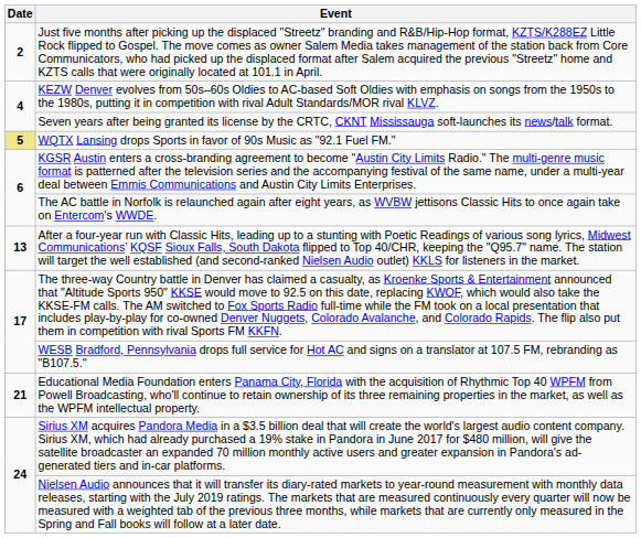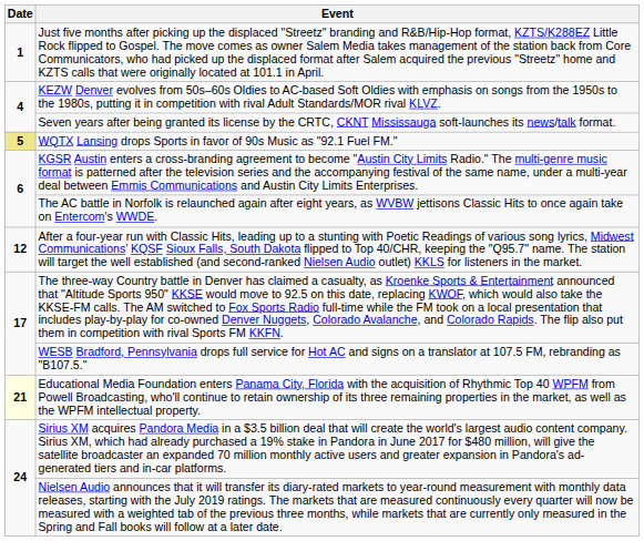 <table class="wikitable">
 <tr>
 <th>Date</th>
 <th>Event</th>
 </tr>
 <tr>
-<td style="text-align:center;"><strong>2</strong></td>
+<td style="text-align:center;"><strong>1</strong></td>
 <td>Just five months after picking up the displaced "Streetz" branding and R&B/Hip-Hop format, <a href='#'>KZTS/K288EZ</a> Little Rock flipped to Gospel. The move comes as owner Salem Media takes management of the station back from Core Communicators, who had picked up the displaced format after Salem acquired the previous "Streetz" home and KZTS calls that were originally located at 101.1 in April.</td>
 </tr>
 <tr>
 <td style="text-align:center;" rowspan=2><strong>4</strong></td>
 <td><a href='#'>KEZW</a> <a href='#'>Denver</a> evolves from 50s–60s Oldies to AC-based Soft Oldies with emphasis on songs from the 1950s to the 1980s, putting it in competition with rival Adult Standards/MOR rival <a href='#'>KLVZ</a>.</td>
 </tr>
 <tr>
 <td>Seven years after being granted its license by the CRTC, <a href='#'>CKNT</a> <a href='#'>Mississauga</a> soft-launches its <a href='#'>news</a>/<a href='#'>talk</a> format.</td>
 </tr>
 <tr>
 <td style="background: khaki; text-align:center;"><strong>5</strong></td>
 <td><a href='#'>WQTX</a> <a href='#'>Lansing</a> drops Sports in favor of 90s Music as "92.1 Fuel FM."</td>
 </tr>
 <tr>
 <td style="text-align:center;" rowspan="2"><strong>6</strong></td>
 <td><a href='#'>KGSR</a> <a href='#'>Austin</a> enters a cross-branding agreement to become "<a href='#'>Austin City Limits</a> Radio." The <a href='#'>multi-genre music format</a> is patterned after the television series and the accompanying festival of the same name, under a multi-year deal between <a href='#'>Emmis Communications</a> and Austin City Limits Enterprises.</td>
 </tr>
 <tr>
 <td>The AC battle in Norfolk is relaunched again after eight years, as <a href='#'>WVBW</a> jettisons Classic Hits to once again take on <a href='#'>Entercom</a>'s <a href='#'>WWDE</a>.</td>
 </tr>
 <tr>
-<td style="text-align:center;"><strong>13</strong></td>
+<td style="text-align:center;"><strong>12</strong></td>
 <td>After a four-year run with Classic Hits, leading up to a stunting with Poetic Readings of various song lyrics, <a href='#'>Midwest Communications</a>’ <a href='#'>KQSF</a> <a href='#'>Sioux Falls, South Dakota</a> flipped to Top 40/CHR, keeping the "Q95.7" name. The station will target the well established (and second-ranked <a href='#'>Nielsen Audio</a> outlet) <a href='#'>KKLS</a> for listeners in the market.</td>
 </tr>
 <tr>
 <td style="text-align:center;" rowspan=2><strong>17</strong></td>
 <td>The three-way Country battle in Denver has claimed a casualty, as <a href='#'>Kroenke Sports & Entertainment</a> announced that "Altitude Sports 950" <a href='#'>KKSE</a> would move to 92.5 on this date, replacing <a href='#'>KWOF</a>, which would also take the KKSE-FM calls. The AM switched to <a href='#'>Fox Sports Radio</a> full-time while the FM took on a local presentation that includes play-by-play for co-owned <a href='#'>Denver Nuggets</a>, <a href='#'>Colorado Avalanche</a>, and <a href='#'>Colorado Rapids</a>. The flip also put them in competition with rival Sports FM <a href='#'>KKFN</a>.</td>
 </tr>
 <tr>
 <td><a href='#'>WESB</a> <a href='#'>Bradford, Pennsylvania</a> drops full service for <a href='#'>Hot AC</a> and signs on a translator at 107.5 FM, rebranding as "B107.5."</td>
 </tr>
 <tr>
-<td style="text-align:center;"><strong>21</strong></td>
+<td style="background: lightyellow; text-align:center;"><strong>21</strong></td>
 <td>Educational Media Foundation enters <a href='#'>Panama City, Florida</a> with the acquisition of Rhythmic Top 40 <a href='#'>WPFM</a> from Powell Broadcasting, who'll continue to retain ownership of its three remaining properties in the market, as well as the WPFM intellectual property.</td>
 </tr>
 <tr>
 <td style="text-align:center;" rowspan=2><strong>24</strong></td>
 <td><a href='#'>Sirius XM</a> acquires <a href='#'>Pandora Media</a> in a $3.5 billion deal that will create the world's largest audio content company. Sirius XM, which had already purchased a 19% stake in Pandora in June 2017 for $480 million, will give the satellite broadcaster an expanded 70 million monthly active users and greater expansion in Pandora's ad-generated tiers and in-car platforms.</td>
 </tr>
 <tr>
 <td><a href='#'>Nielsen Audio</a> announces that it will transfer its diary-rated markets to year-round measurement with monthly data releases, starting with the July 2019 ratings. The markets that are measured continuously every quarter will now be measured with a weighted tab of the previous three months, while markets that are currently only measured in the Spring and Fall books will follow at a later date.</td>
 </tr>
 </table>
